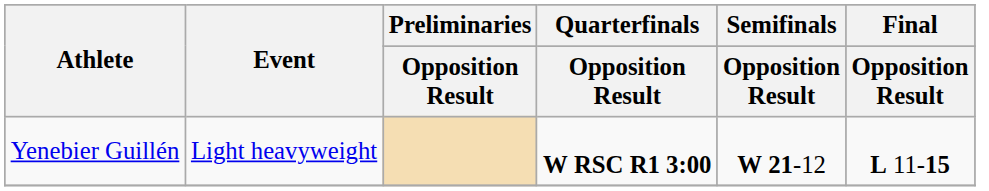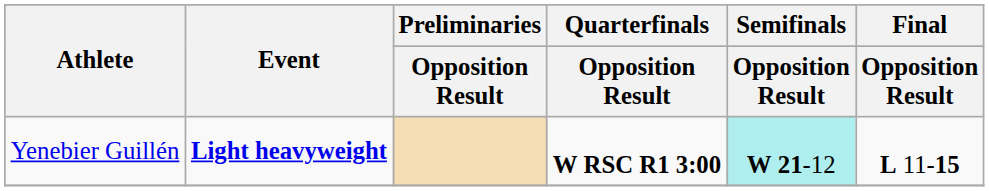 <table class="wikitable" border="1" style="font-size:90%">
 <tr>
 <th rowspan=2>Athlete</th>
 <th rowspan=2>Event</th>
 <th>Preliminaries</th>
 <th>Quarterfinals</th>
 <th>Semifinals</th>
 <th>Final</th>
 </tr>
 <tr>
 <th>Opposition<br>Result</th>
 <th>Opposition<br>Result</th>
 <th>Opposition<br>Result</th>
 <th>Opposition<br>Result</th>
 </tr>
 <tr>
 <td><a href='#'>Yenebier Guillén</a></td>
-<td><a href='#'>Light heavyweight</a></td>
+<td><strong><a href='#'>Light heavyweight</a></strong></td>
 <td bgcolor=wheat></td>
 <td align=center><br><strong>W</strong> <strong>RSC R1 3:00</strong></td>
-<td align=center><br><strong>W</strong> <strong>21</strong>-12</td>
+<td align=center style="background: paleturquoise;"><br><strong>W</strong> <strong>21</strong>-12</td>
 <td align=center><br><strong>L</strong> 11-<strong>15</strong> </td>
 </tr>
 <tr>
 </tr>
 </table>
